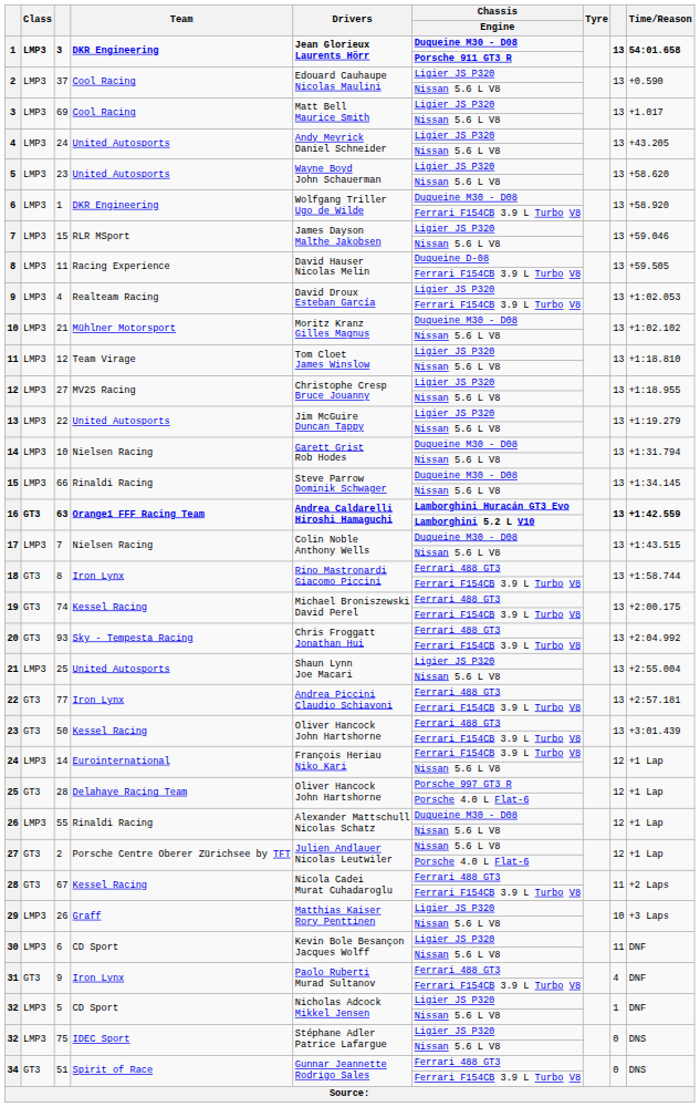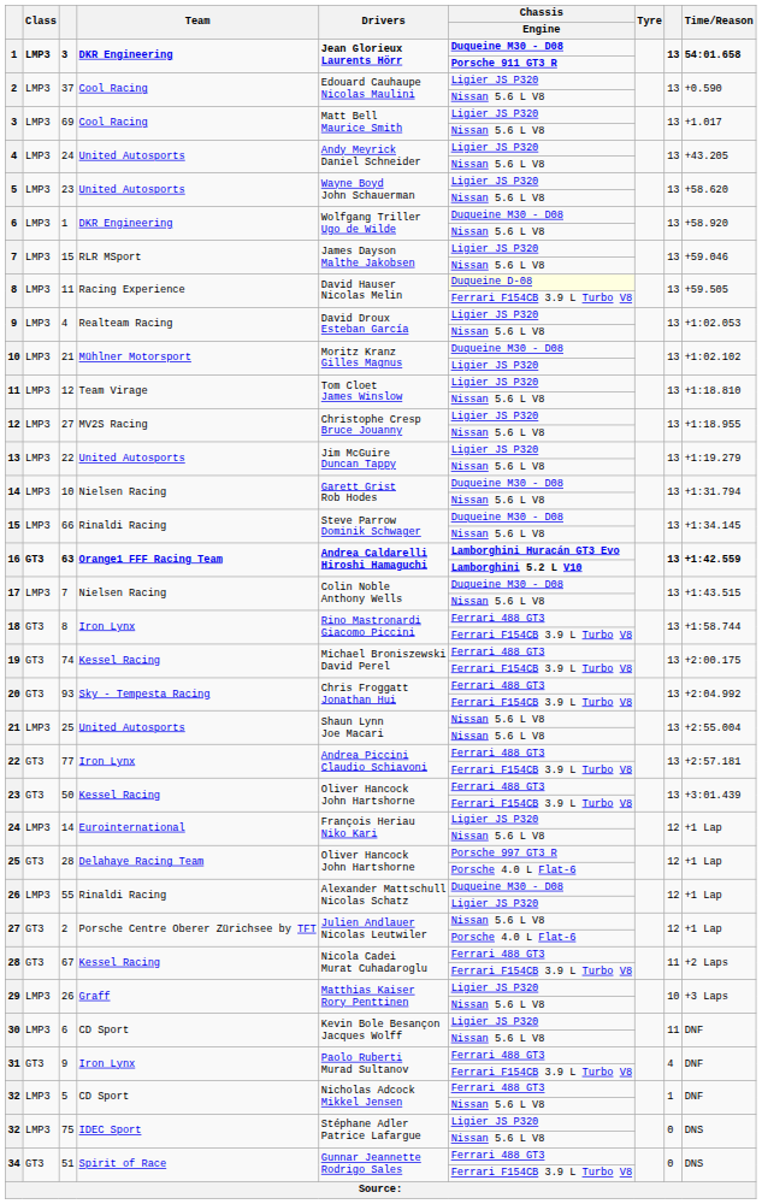 <table class="wikitable" style="font-size: 95%;">
 <tr>
 <th rowspan=2></th>
 <th rowspan=2>Class</th>
 <th rowspan=2></th>
 <th rowspan=2>Team</th>
 <th rowspan=2>Drivers</th>
 <th scope=col>Chassis</th>
 <th rowspan=2>Tyre</th>
 <th rowspan=2></th>
 <th rowspan=2>Time/Reason</th>
 </tr>
 <tr>
 <th scope=col>Engine</th>
 </tr>
 <tr style="font-weight:bold">
 <th rowspan=2>1</th>
 <td rowspan=2>LMP3</td>
 <td rowspan=2>3</td>
 <td rowspan=2> <a href='#'>DKR Engineering</a></td>
 <td rowspan=2> Jean Glorieux<br> <a href='#'>Laurents Hörr</a></td>
 <td><a href='#'>Duqueine M30 - D08</a></td>
 <td rowspan=2></td>
 <td rowspan=2>13</td>
 <td rowspan=2>54:01.658</td>
 </tr>
 <tr style="font-weight:bold">
 <td><a href='#'>Porsche 911 GT3 R</a></td>
 </tr>
 <tr>
 <th rowspan=2>2</th>
 <td rowspan=2>LMP3</td>
 <td rowspan=2>37</td>
 <td rowspan=2> <a href='#'>Cool Racing</a></td>
 <td rowspan=2> Edouard Cauhaupe<br> <a href='#'>Nicolas Maulini</a></td>
 <td><a href='#'>Ligier JS P320</a></td>
 <td rowspan=2></td>
 <td rowspan=2>13</td>
 <td rowspan=2>+0.590</td>
 </tr>
 <tr>
 <td><a href='#'>Nissan</a> 5.6 L V8</td>
 </tr>
 <tr>
 <th rowspan=2>3</th>
 <td rowspan=2>LMP3</td>
 <td rowspan=2>69</td>
 <td rowspan=2> <a href='#'>Cool Racing</a></td>
 <td rowspan=2> Matt Bell<br> <a href='#'>Maurice Smith</a></td>
 <td><a href='#'>Ligier JS P320</a></td>
 <td rowspan=2></td>
 <td rowspan=2>13</td>
 <td rowspan=2>+1.017</td>
 </tr>
 <tr>
 <td><a href='#'>Nissan</a> 5.6 L V8</td>
 </tr>
 <tr>
 <th rowspan=2>4</th>
 <td rowspan=2>LMP3</td>
 <td rowspan=2>24</td>
 <td rowspan=2> <a href='#'>United Autosports</a></td>
 <td rowspan=2> <a href='#'>Andy Meyrick</a><br> Daniel Schneider</td>
 <td><a href='#'>Ligier JS P320</a></td>
 <td rowspan=2></td>
 <td rowspan=2>13</td>
 <td rowspan=2>+43.205</td>
 </tr>
 <tr>
 <td><a href='#'>Nissan</a> 5.6 L V8</td>
 </tr>
 <tr>
 <th rowspan=2>5</th>
 <td rowspan=2>LMP3</td>
 <td rowspan=2>23</td>
 <td rowspan=2> <a href='#'>United Autosports</a></td>
 <td rowspan=2> <a href='#'>Wayne Boyd</a><br> John Schauerman</td>
 <td><a href='#'>Ligier JS P320</a></td>
 <td rowspan=2></td>
 <td rowspan=2>13</td>
 <td rowspan=2>+58.620</td>
 </tr>
 <tr>
 <td><a href='#'>Nissan</a> 5.6 L V8</td>
 </tr>
 <tr>
 <th rowspan=2>6</th>
 <td rowspan=2>LMP3</td>
 <td rowspan=2>1</td>
 <td rowspan=2> <a href='#'>DKR Engineering</a></td>
 <td rowspan=2> Wolfgang Triller<br> <a href='#'>Ugo de Wilde</a></td>
 <td><a href='#'>Duqueine M30 - D08</a></td>
 <td rowspan=2></td>
 <td rowspan=2>13</td>
 <td rowspan=2>+58.920</td>
 </tr>
 <tr>
-<td><a href='#'>Ferrari F154CB</a> 3.9 L <a href='#'>Turbo</a> <a href='#'>V8</a></td>
+<td><a href='#'>Nissan</a> 5.6 L V8</td>
 </tr>
 <tr>
 <th rowspan=2>7</th>
 <td rowspan=2>LMP3</td>
 <td rowspan=2>15</td>
 <td rowspan=2> RLR MSport</td>
 <td rowspan=2> James Dayson<br> <a href='#'>Malthe Jakobsen</a></td>
 <td><a href='#'>Ligier JS P320</a></td>
 <td rowspan=2></td>
 <td rowspan=2>13</td>
 <td rowspan=2>+59.046</td>
 </tr>
 <tr>
 <td><a href='#'>Nissan</a> 5.6 L V8</td>
 </tr>
 <tr>
 <th rowspan=2>8</th>
 <td rowspan=2>LMP3</td>
 <td rowspan=2>11</td>
 <td rowspan=2> Racing Experience</td>
 <td rowspan=2> David Hauser<br> Nicolas Melin</td>
-<td><a href='#'>Duqueine D-08</a></td>
+<td style="background: lightyellow;"><a href='#'>Duqueine D-08</a></td>
 <td rowspan=2></td>
 <td rowspan=2>13</td>
 <td rowspan=2>+59.505</td>
 </tr>
 <tr>
 <td><a href='#'>Ferrari F154CB</a> 3.9 L <a href='#'>Turbo</a> <a href='#'>V8</a></td>
 </tr>
 <tr>
 <th rowspan=2>9</th>
 <td rowspan=2>LMP3</td>
 <td rowspan=2>4</td>
 <td rowspan=2> Realteam Racing</td>
 <td rowspan=2> David Droux<br> <a href='#'>Esteban García</a></td>
 <td><a href='#'>Ligier JS P320</a></td>
 <td rowspan=2></td>
 <td rowspan=2>13</td>
 <td rowspan=2>+1:02.053</td>
 </tr>
 <tr>
-<td><a href='#'>Ferrari F154CB</a> 3.9 L <a href='#'>Turbo</a> <a href='#'>V8</a></td>
+<td><a href='#'>Nissan</a> 5.6 L V8</td>
 </tr>
 <tr>
 <th rowspan=2>10</th>
 <td rowspan=2>LMP3</td>
 <td rowspan=2>21</td>
 <td rowspan=2> <a href='#'>Mühlner Motorsport</a></td>
 <td rowspan=2> Moritz Kranz<br> <a href='#'>Gilles Magnus</a></td>
 <td><a href='#'>Duqueine M30 - D08</a></td>
 <td rowspan=2></td>
 <td rowspan=2>13</td>
 <td rowspan=2>+1:02.102</td>
 </tr>
 <tr>
-<td><a href='#'>Nissan</a> 5.6 L V8</td>
+<td><a href='#'>Ligier JS P320</a></td>
 </tr>
 <tr>
 <th rowspan=2>11</th>
 <td rowspan=2>LMP3</td>
 <td rowspan=2>12</td>
 <td rowspan=2> Team Virage</td>
 <td rowspan=2> Tom Cloet<br> <a href='#'>James Winslow</a></td>
 <td><a href='#'>Ligier JS P320</a></td>
 <td rowspan=2></td>
 <td rowspan=2>13</td>
 <td rowspan=2>+1:18.810</td>
 </tr>
 <tr>
 <td><a href='#'>Nissan</a> 5.6 L V8</td>
 </tr>
 <tr>
 <th rowspan=2>12</th>
 <td rowspan=2>LMP3</td>
 <td rowspan=2>27</td>
 <td rowspan=2> MV2S Racing</td>
 <td rowspan=2> Christophe Cresp<br> <a href='#'>Bruce Jouanny</a></td>
 <td><a href='#'>Ligier JS P320</a></td>
 <td rowspan=2></td>
 <td rowspan=2>13</td>
 <td rowspan=2>+1:18.955</td>
 </tr>
 <tr>
 <td><a href='#'>Nissan</a> 5.6 L V8</td>
 </tr>
 <tr>
 <th rowspan=2>13</th>
 <td rowspan=2>LMP3</td>
 <td rowspan=2>22</td>
 <td rowspan=2> <a href='#'>United Autosports</a></td>
 <td rowspan=2> Jim McGuire<br> <a href='#'>Duncan Tappy</a></td>
 <td><a href='#'>Ligier JS P320</a></td>
 <td rowspan=2></td>
 <td rowspan=2>13</td>
 <td rowspan=2>+1:19.279</td>
 </tr>
 <tr>
 <td><a href='#'>Nissan</a> 5.6 L V8</td>
 </tr>
 <tr>
 <th rowspan=2>14</th>
 <td rowspan=2>LMP3</td>
 <td rowspan=2>10</td>
 <td rowspan=2> Nielsen Racing</td>
 <td rowspan=2> <a href='#'>Garett Grist</a><br> Rob Hodes</td>
 <td><a href='#'>Duqueine M30 - D08</a></td>
 <td rowspan=2></td>
 <td rowspan=2>13</td>
 <td rowspan=2>+1:31.794</td>
 </tr>
 <tr>
 <td><a href='#'>Nissan</a> 5.6 L V8</td>
 </tr>
 <tr>
 <th rowspan=2>15</th>
 <td rowspan=2>LMP3</td>
 <td rowspan=2>66</td>
 <td rowspan=2> Rinaldi Racing</td>
 <td rowspan=2> Steve Parrow<br> <a href='#'>Dominik Schwager</a></td>
 <td><a href='#'>Duqueine M30 - D08</a></td>
 <td rowspan=2></td>
 <td rowspan=2>13</td>
 <td rowspan=2>+1:34.145</td>
 </tr>
 <tr>
 <td><a href='#'>Nissan</a> 5.6 L V8</td>
 </tr>
 <tr style="font-weight:bold">
 <th rowspan=2>16</th>
 <td rowspan=2>GT3</td>
 <td rowspan=2>63</td>
 <td rowspan=2> <a href='#'>Orange1 FFF Racing Team</a></td>
 <td rowspan=2> <a href='#'>Andrea Caldarelli</a><br> <a href='#'>Hiroshi Hamaguchi</a></td>
 <td><a href='#'>Lamborghini Huracán GT3 Evo</a></td>
 <td rowspan=2></td>
 <td rowspan=2>13</td>
 <td rowspan=2>+1:42.559</td>
 </tr>
 <tr style="font-weight:bold">
 <td><a href='#'>Lamborghini</a> 5.2 L <a href='#'>V10</a></td>
 </tr>
 <tr>
 <th rowspan=2>17</th>
 <td rowspan=2>LMP3</td>
 <td rowspan=2>7</td>
 <td rowspan=2> Nielsen Racing</td>
 <td rowspan=2> Colin Noble<br> Anthony Wells</td>
 <td><a href='#'>Duqueine M30 - D08</a></td>
 <td rowspan=2></td>
 <td rowspan=2>13</td>
 <td rowspan=2>+1:43.515</td>
 </tr>
 <tr>
 <td><a href='#'>Nissan</a> 5.6 L V8</td>
 </tr>
 <tr>
 <th rowspan=2>18</th>
 <td rowspan=2>GT3</td>
 <td rowspan=2>8</td>
 <td rowspan=2> <a href='#'>Iron Lynx</a></td>
 <td rowspan=2> <a href='#'>Rino Mastronardi</a><br> <a href='#'>Giacomo Piccini</a></td>
 <td><a href='#'>Ferrari 488 GT3</a></td>
 <td rowspan=2></td>
 <td rowspan=2>13</td>
 <td rowspan=2>+1:58.744</td>
 </tr>
 <tr>
 <td><a href='#'>Ferrari F154CB</a> 3.9 L <a href='#'>Turbo</a> <a href='#'>V8</a></td>
 </tr>
 <tr>
 <th rowspan=2>19</th>
 <td rowspan=2>GT3</td>
 <td rowspan=2>74</td>
 <td rowspan=2> <a href='#'>Kessel Racing</a></td>
 <td rowspan=2> Michael Broniszewski<br> David Perel</td>
 <td><a href='#'>Ferrari 488 GT3</a></td>
 <td rowspan=2></td>
 <td rowspan=2>13</td>
 <td rowspan=2>+2:00.175</td>
 </tr>
 <tr>
 <td><a href='#'>Ferrari F154CB</a> 3.9 L <a href='#'>Turbo</a> <a href='#'>V8</a></td>
 </tr>
 <tr>
 <th rowspan=2>20</th>
 <td rowspan=2>GT3</td>
 <td rowspan=2>93</td>
 <td rowspan=2> <a href='#'>Sky - Tempesta Racing</a></td>
 <td rowspan=2> Chris Froggatt<br> <a href='#'>Jonathan Hui</a></td>
 <td><a href='#'>Ferrari 488 GT3</a></td>
 <td rowspan=2></td>
 <td rowspan=2>13</td>
 <td rowspan=2>+2:04.992</td>
 </tr>
 <tr>
 <td><a href='#'>Ferrari F154CB</a> 3.9 L <a href='#'>Turbo</a> <a href='#'>V8</a></td>
 </tr>
 <tr>
 <th rowspan=2>21</th>
 <td rowspan=2>LMP3</td>
 <td rowspan=2>25</td>
 <td rowspan=2> <a href='#'>United Autosports</a></td>
 <td rowspan=2> Shaun Lynn<br> Joe Macari</td>
-<td><a href='#'>Ligier JS P320</a></td>
+<td><a href='#'>Nissan</a> 5.6 L V8</td>
 <td rowspan=2></td>
 <td rowspan=2>13</td>
 <td rowspan=2>+2:55.004</td>
 </tr>
 <tr>
 <td><a href='#'>Nissan</a> 5.6 L V8</td>
 </tr>
 <tr>
 <th rowspan=2>22</th>
 <td rowspan=2>GT3</td>
 <td rowspan=2>77</td>
 <td rowspan=2> <a href='#'>Iron Lynx</a></td>
 <td rowspan=2> <a href='#'>Andrea Piccini</a><br> <a href='#'>Claudio Schiavoni</a></td>
 <td><a href='#'>Ferrari 488 GT3</a></td>
 <td rowspan=2></td>
 <td rowspan=2>13</td>
 <td rowspan=2>+2:57.181</td>
 </tr>
 <tr>
 <td><a href='#'>Ferrari F154CB</a> 3.9 L <a href='#'>Turbo</a> <a href='#'>V8</a></td>
 </tr>
 <tr>
 <th rowspan=2>23</th>
 <td rowspan=2>GT3</td>
 <td rowspan=2>50</td>
 <td rowspan=2> <a href='#'>Kessel Racing</a></td>
 <td rowspan=2> Oliver Hancock<br> John Hartshorne</td>
 <td><a href='#'>Ferrari 488 GT3</a></td>
 <td rowspan=2></td>
 <td rowspan=2>13</td>
 <td rowspan=2>+3:01.439</td>
 </tr>
 <tr>
 <td><a href='#'>Ferrari F154CB</a> 3.9 L <a href='#'>Turbo</a> <a href='#'>V8</a></td>
 </tr>
 <tr>
 <th rowspan=2>24</th>
 <td rowspan=2>LMP3</td>
 <td rowspan=2>14</td>
 <td rowspan=2> <a href='#'>Eurointernational</a></td>
 <td rowspan=2> François Heriau<br> <a href='#'>Niko Kari</a></td>
-<td><a href='#'>Ferrari F154CB</a> 3.9 L <a href='#'>Turbo</a> <a href='#'>V8</a></td>
+<td><a href='#'>Ligier JS P320</a></td>
 <td rowspan=2></td>
 <td rowspan=2>12</td>
 <td rowspan=2>+1 Lap</td>
 </tr>
 <tr>
 <td><a href='#'>Nissan</a> 5.6 L V8</td>
 </tr>
 <tr>
 <th rowspan=2>25</th>
 <td rowspan=2>GT3</td>
 <td rowspan=2>28</td>
 <td rowspan=2> <a href='#'>Delahaye Racing Team</a></td>
 <td rowspan=2> Oliver Hancock<br> John Hartshorne</td>
 <td><a href='#'>Porsche 997 GT3 R</a></td>
 <td rowspan=2></td>
 <td rowspan=2>12</td>
 <td rowspan=2>+1 Lap</td>
 </tr>
 <tr>
 <td><a href='#'>Porsche</a> 4.0 L <a href='#'>Flat-6</a></td>
 </tr>
 <tr>
 <th rowspan=2>26</th>
 <td rowspan=2>LMP3</td>
 <td rowspan=2>55</td>
 <td rowspan=2> Rinaldi Racing</td>
 <td rowspan=2> Alexander Mattschull<br> Nicolas Schatz</td>
 <td><a href='#'>Duqueine M30 - D08</a></td>
 <td rowspan=2></td>
 <td rowspan=2>12</td>
 <td rowspan=2>+1 Lap</td>
 </tr>
 <tr>
-<td><a href='#'>Nissan</a> 5.6 L V8</td>
+<td><a href='#'>Ligier JS P320</a></td>
 </tr>
 <tr>
 <th rowspan=2>27</th>
 <td rowspan=2>GT3</td>
 <td rowspan=2>2</td>
 <td rowspan=2> Porsche Centre Oberer Zürichsee by <a href='#'>TFT</a></td>
 <td rowspan=2> <a href='#'>Julien Andlauer</a><br> Nicolas Leutwiler</td>
 <td><a href='#'>Nissan</a> 5.6 L V8</td>
 <td rowspan=2></td>
 <td rowspan=2>12</td>
 <td rowspan=2>+1 Lap</td>
 </tr>
 <tr>
 <td><a href='#'>Porsche</a> 4.0 L <a href='#'>Flat-6</a></td>
 </tr>
 <tr>
 <th rowspan=2>28</th>
 <td rowspan=2>GT3</td>
 <td rowspan=2>67</td>
 <td rowspan=2> <a href='#'>Kessel Racing</a></td>
 <td rowspan=2> Nicola Cadei<br> Murat Cuhadaroglu</td>
 <td><a href='#'>Ferrari 488 GT3</a></td>
 <td rowspan=2></td>
 <td rowspan=2>11</td>
 <td rowspan=2>+2 Laps</td>
 </tr>
 <tr>
 <td><a href='#'>Ferrari F154CB</a> 3.9 L <a href='#'>Turbo</a> <a href='#'>V8</a></td>
 </tr>
 <tr>
 <th rowspan=2>29</th>
 <td rowspan=2>LMP3</td>
 <td rowspan=2>26</td>
 <td rowspan=2> <a href='#'>Graff</a></td>
 <td rowspan=2> <a href='#'>Matthias Kaiser</a><br> <a href='#'>Rory Penttinen</a></td>
 <td><a href='#'>Ligier JS P320</a></td>
 <td rowspan=2></td>
 <td rowspan=2>10</td>
 <td rowspan=2>+3 Laps</td>
 </tr>
 <tr>
 <td><a href='#'>Nissan</a> 5.6 L V8</td>
 </tr>
 <tr>
 <th rowspan=2>30</th>
 <td rowspan=2>LMP3</td>
 <td rowspan=2>6</td>
 <td rowspan=2> CD Sport</td>
 <td rowspan=2> Kevin Bole Besançon<br> Jacques Wolff</td>
 <td><a href='#'>Ligier JS P320</a></td>
 <td rowspan=2></td>
 <td rowspan=2>11</td>
 <td rowspan=2>DNF</td>
 </tr>
 <tr>
 <td><a href='#'>Nissan</a> 5.6 L V8</td>
 </tr>
 <tr>
 <th rowspan=2>31</th>
 <td rowspan=2>GT3</td>
 <td rowspan=2>9</td>
 <td rowspan=2> <a href='#'>Iron Lynx</a></td>
 <td rowspan=2> <a href='#'>Paolo Ruberti</a><br> Murad Sultanov</td>
 <td><a href='#'>Ferrari 488 GT3</a></td>
 <td rowspan=2></td>
 <td rowspan=2>4</td>
 <td rowspan=2>DNF</td>
 </tr>
 <tr>
 <td><a href='#'>Ferrari F154CB</a> 3.9 L <a href='#'>Turbo</a> <a href='#'>V8</a></td>
 </tr>
 <tr>
 <th rowspan=2>32</th>
 <td rowspan=2>LMP3</td>
 <td rowspan=2>5</td>
 <td rowspan=2> CD Sport</td>
 <td rowspan=2> Nicholas Adcock<br> <a href='#'>Mikkel Jensen</a></td>
-<td><a href='#'>Ligier JS P320</a></td>
+<td><a href='#'>Ferrari 488 GT3</a></td>
 <td rowspan=2></td>
 <td rowspan=2>1</td>
 <td rowspan=2>DNF</td>
 </tr>
 <tr>
 <td><a href='#'>Nissan</a> 5.6 L V8</td>
 </tr>
 <tr>
 <th rowspan=2>32</th>
 <td rowspan=2>LMP3</td>
 <td rowspan=2>75</td>
 <td rowspan=2> <a href='#'>IDEC Sport</a></td>
 <td rowspan=2> Stéphane Adler<br> Patrice Lafargue</td>
 <td><a href='#'>Ligier JS P320</a></td>
 <td rowspan=2></td>
 <td rowspan=2>0</td>
 <td rowspan=2>DNS</td>
 </tr>
 <tr>
 <td><a href='#'>Nissan</a> 5.6 L V8</td>
 </tr>
 <tr>
 <th rowspan=2>34</th>
 <td rowspan=2>GT3</td>
 <td rowspan=2>51</td>
 <td rowspan=2> <a href='#'>Spirit of Race</a></td>
 <td rowspan=2> <a href='#'>Gunnar Jeannette</a><br> <a href='#'>Rodrigo Sales</a></td>
 <td><a href='#'>Ferrari 488 GT3</a></td>
 <td rowspan=2></td>
 <td rowspan=2>0</td>
 <td rowspan=2>DNS</td>
 </tr>
 <tr>
 <td><a href='#'>Ferrari F154CB</a> 3.9 L <a href='#'>Turbo</a> <a href='#'>V8</a></td>
 </tr>
 <tr>
 <th colspan="9">Source:</th>
 </tr>
 </table>
